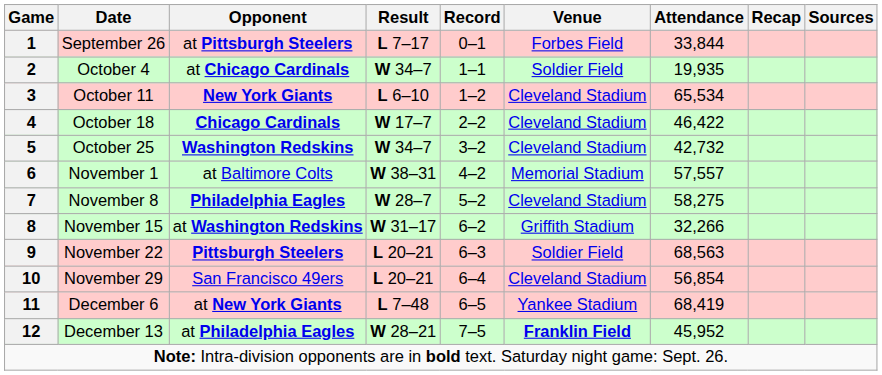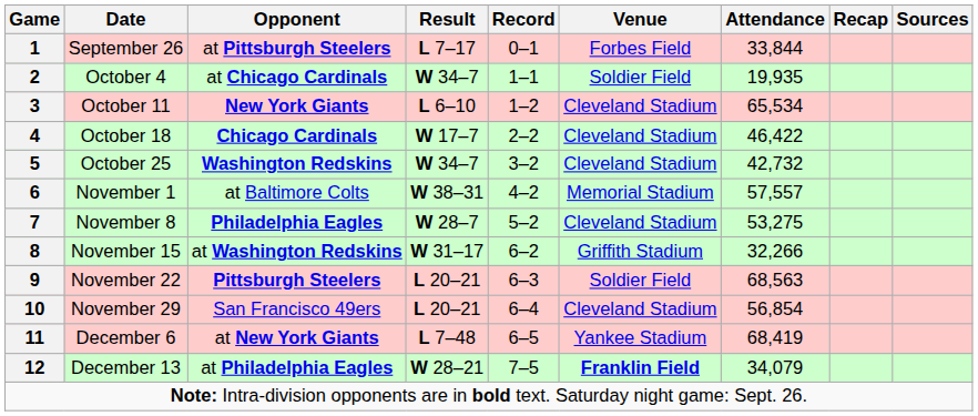 <table class="wikitable" style="text-align:center">
 <tr>
 <th>Game</th>
 <th>Date</th>
 <th>Opponent</th>
 <th>Result</th>
 <th>Record</th>
 <th>Venue</th>
 <th>Attendance</th>
 <th>Recap</th>
 <th>Sources</th>
 </tr>
 <tr style="background:#fcc">
 <th>1</th>
 <td>September 26</td>
 <td>at <strong><a href='#'>Pittsburgh Steelers</a></strong></td>
 <td><strong>L</strong> 7–17</td>
 <td>0–1</td>
 <td><a href='#'>Forbes Field</a></td>
 <td>33,844</td>
 <td></td>
 <td></td>
 </tr>
 <tr style="background:#cfc">
 <th>2</th>
 <td>October 4</td>
 <td>at <strong><a href='#'>Chicago Cardinals</a></strong></td>
 <td><strong>W</strong> 34–7</td>
 <td>1–1</td>
 <td><a href='#'>Soldier Field</a></td>
 <td>19,935</td>
 <td></td>
 <td></td>
 </tr>
 <tr style="background:#fcc">
 <th>3</th>
 <td>October 11</td>
 <td><strong><a href='#'>New York Giants</a></strong></td>
 <td><strong>L</strong> 6–10</td>
 <td>1–2</td>
 <td><a href='#'>Cleveland Stadium</a></td>
 <td>65,534</td>
 <td></td>
 <td></td>
 </tr>
 <tr style="background:#cfc">
 <th>4</th>
 <td>October 18</td>
 <td><strong><a href='#'>Chicago Cardinals</a></strong></td>
 <td><strong>W</strong> 17–7</td>
 <td>2–2</td>
 <td><a href='#'>Cleveland Stadium</a></td>
 <td>46,422</td>
 <td></td>
 <td></td>
 </tr>
 <tr style="background:#cfc">
 <th>5</th>
 <td>October 25</td>
 <td><strong><a href='#'>Washington Redskins</a></strong></td>
 <td><strong>W</strong> 34–7</td>
 <td>3–2</td>
 <td><a href='#'>Cleveland Stadium</a></td>
 <td>42,732</td>
 <td></td>
 <td></td>
 </tr>
 <tr style="background:#cfc">
 <th>6</th>
 <td>November 1</td>
 <td>at <a href='#'>Baltimore Colts</a></td>
 <td><strong>W</strong> 38–31</td>
 <td>4–2</td>
 <td><a href='#'>Memorial Stadium</a></td>
 <td>57,557</td>
 <td></td>
 <td></td>
 </tr>
 <tr style="background:#cfc">
 <th>7</th>
 <td>November 8</td>
 <td><strong><a href='#'>Philadelphia Eagles</a></strong></td>
 <td><strong>W</strong> 28–7</td>
 <td>5–2</td>
 <td><a href='#'>Cleveland Stadium</a></td>
-<td>58,275</td>
+<td>53,275</td>
 <td></td>
 <td></td>
 </tr>
 <tr style="background:#cfc">
 <th>8</th>
 <td>November 15</td>
 <td>at <strong><a href='#'>Washington Redskins</a></strong></td>
 <td><strong>W</strong> 31–17</td>
 <td>6–2</td>
 <td><a href='#'>Griffith Stadium</a></td>
 <td>32,266</td>
 <td></td>
 <td></td>
 </tr>
 <tr style="background:#fcc">
 <th>9</th>
 <td>November 22</td>
 <td><strong><a href='#'>Pittsburgh Steelers</a></strong></td>
 <td><strong>L</strong> 20–21</td>
 <td>6–3</td>
 <td><a href='#'>Soldier Field</a></td>
 <td>68,563</td>
 <td></td>
 <td></td>
 </tr>
 <tr style="background:#fcc">
 <th>10</th>
 <td>November 29</td>
 <td><a href='#'>San Francisco 49ers</a></td>
 <td><strong>L</strong> 20–21</td>
 <td>6–4</td>
 <td><a href='#'>Cleveland Stadium</a></td>
 <td>56,854</td>
 <td></td>
 <td></td>
 </tr>
 <tr style="background:#fcc">
 <th>11</th>
 <td>December 6</td>
 <td>at <strong><a href='#'>New York Giants</a></strong></td>
 <td><strong>L</strong> 7–48</td>
 <td>6–5</td>
 <td><a href='#'>Yankee Stadium</a></td>
 <td>68,419</td>
 <td></td>
 <td></td>
 </tr>
 <tr style="background:#cfc">
 <th>12</th>
 <td>December 13</td>
 <td>at <strong><a href='#'>Philadelphia Eagles</a></strong></td>
 <td><strong>W</strong> 28–21</td>
 <td>7–5</td>
 <td><strong><a href='#'>Franklin Field</a></strong></td>
-<td>45,952</td>
+<td>34,079</td>
 <td></td>
 <td></td>
 </tr>
 <tr>
 <td colspan="10"><strong>Note:</strong> Intra-division opponents are in <strong>bold</strong> text. Saturday night game: Sept. 26.</td>
 </tr>
 </table>
